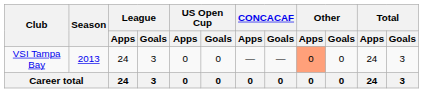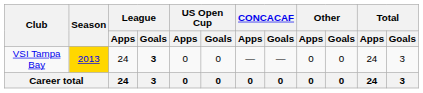 <table class="wikitable" style="font-size:90%; text-align:center;">
 <tr>
 <th rowspan="2">Club</th>
 <th rowspan="2">Season</th>
 <th colspan="2">League</th>
 <th colspan="2">US Open Cup</th>
 <th colspan="2"><a href='#'>CONCACAF</a></th>
 <th colspan="2">Other</th>
 <th colspan="2">Total</th>
 </tr>
 <tr>
 <th>Apps</th>
 <th>Goals</th>
 <th>Apps</th>
 <th>Goals</th>
 <th>Apps</th>
 <th>Goals</th>
 <th>Apps</th>
 <th>Goals</th>
 <th>Apps</th>
 <th>Goals</th>
 </tr>
 <tr>
 <td rowspan="1"><a href='#'>VSI Tampa Bay</a></td>
-<td><a href='#'>2013</a></td>
+<td style="background: gold;"><a href='#'>2013</a></td>
 <td>24</td>
-<td>3</td>
+<td><strong>3</strong></td>
 <td>0</td>
 <td>0</td>
 <td>—</td>
 <td>—</td>
-<td style="background: lightsalmon;">0</td>
+<td>0</td>
 <td>0</td>
 <td>24</td>
 <td>3</td>
 </tr>
 <tr>
 <th colspan="2">Career total</th>
 <th>24</th>
 <th>3</th>
 <th>0</th>
 <th>0</th>
 <th>0</th>
 <th>0</th>
 <th>0</th>
 <th>0</th>
 <th>24</th>
 <th>3</th>
 </tr>
 </table>
